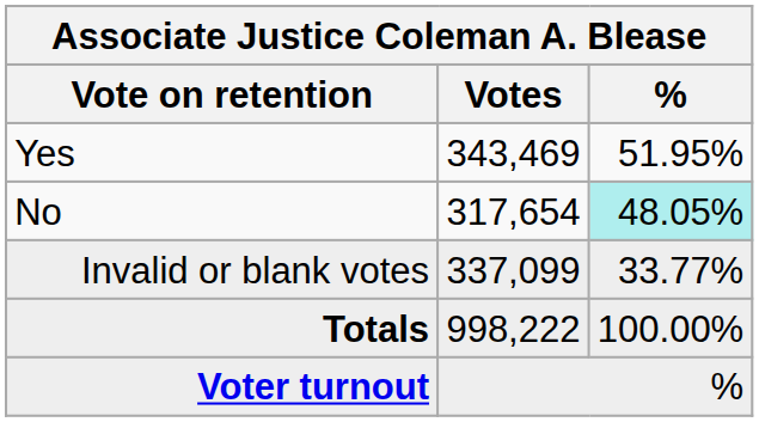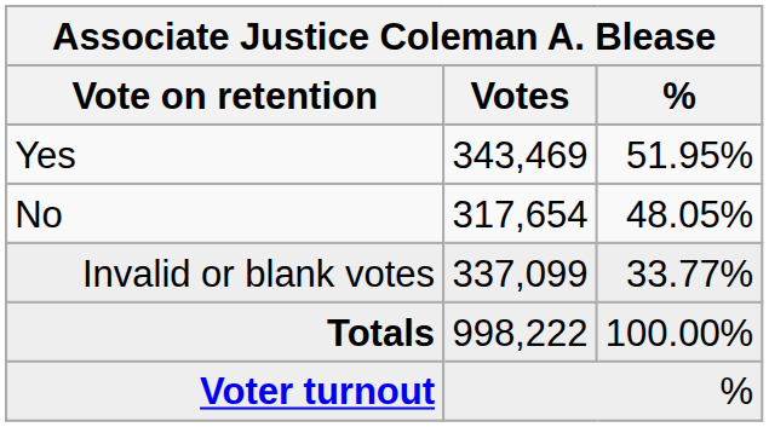 <table class="wikitable" style="font-size: 95%;">
 <tr style="background-color:#E9E9E9">
 <th colspan=7>Associate Justice Coleman A. Blease</th>
 </tr>
 <tr style="background-color:#E9E9E9">
 <th style="width: 170px">Vote on retention</th>
 <th style="width: 50px">Votes</th>
 <th style="width: 40px">%</th>
 </tr>
 <tr>
 <td>Yes</td>
 <td align="right">343,469</td>
 <td align="right">51.95%</td>
 </tr>
 <tr>
 <td>No</td>
 <td align="right">317,654</td>
-<td align="right" style="background: paleturquoise;">48.05%</td>
+<td align="right">48.05%</td>
 </tr>
 <tr style="background-color:#EEEEEE">
 <td align="right">Invalid or blank votes</td>
 <td align="right">337,099</td>
 <td align="right">33.77%</td>
 </tr>
 <tr style="background-color:#EEEEEE">
 <td colspan="1" align="right"><strong>Totals</strong></td>
 <td align="right">998,222</td>
 <td align="right">100.00%</td>
 </tr>
 <tr style="background-color:#EEEEEE">
 <td align="right"><strong><a href='#'>Voter turnout</a></strong></td>
 <td colspan="2" align="right">%</td>
 </tr>
 </table>
